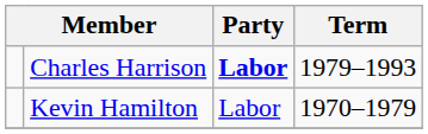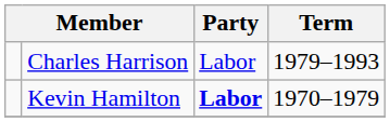 <table class="wikitable">
 <tr>
 <th colspan="2">Member</th>
 <th>Party</th>
 <th>Term</th>
 </tr>
 <tr>
 <td> </td>
 <td><a href='#'>Charles Harrison</a></td>
-<td><strong><a href='#'>Labor</a></strong></td>
+<td><a href='#'>Labor</a></td>
 <td>1979–1993</td>
 </tr>
 <tr>
 <td> </td>
 <td><a href='#'>Kevin Hamilton</a></td>
-<td><a href='#'>Labor</a></td>
+<td><strong><a href='#'>Labor</a></strong></td>
 <td>1970–1979</td>
 </tr>
 <tr>
 </tr>
 </table>
